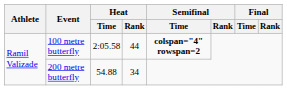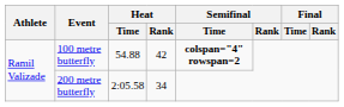 <table class="wikitable" style="text-align:center; font-size:90%; width:50%;">
 <tr>
 <th rowspan="2">Athlete</th>
 <th rowspan="2">Event</th>
 <th colspan="2">Heat</th>
 <th colspan="2">Semifinal</th>
 <th colspan="2">Final</th>
 </tr>
 <tr style="font-size:95%">
 <th>Time</th>
 <th>Rank</th>
 <th>Time</th>
 <th>Rank</th>
 <th>Time</th>
 <th>Rank</th>
 </tr>
 <tr>
 <td align=left rowspan=2><a href='#'>Ramil Valizade</a></td>
 <td align=left><a href='#'>100 metre butterfly</a></td>
-<td>2:05.58</td>
-<td>44</td>
+<td>54.88</td>
+<td>42</td>
 <td><strong>colspan="4" rowspan=2</strong></td>
 </tr>
 <tr>
 <td align=left><a href='#'>200 metre butterfly</a></td>
-<td>54.88</td>
+<td>2:05.58</td>
 <td>34</td>
 </tr>
 </table>
